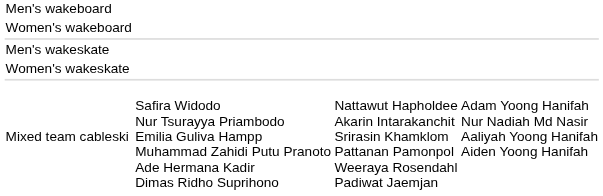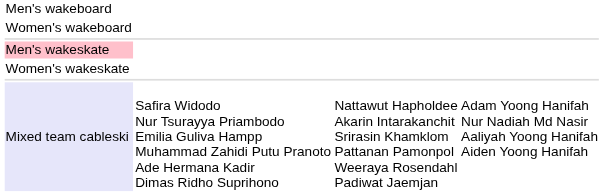 <table>
 <tr>
 <td>Men's wakeboard<br></td>
 <td></td>
 <td></td>
 <td></td>
 </tr>
 <tr>
 <td nowrap>Women's wakeboard<br></td>
 <td></td>
 <td></td>
 <td></td>
 </tr>
 <tr style="background:#dddddd;">
 <td colspan=7></td>
 </tr>
 <tr>
-<td>Men's wakeskate<br></td>
+<td style="background: pink;">Men's wakeskate<br></td>
 <td></td>
 <td nowrap></td>
 <td></td>
 </tr>
 <tr>
 <td>Women's wakeskate<br></td>
 <td></td>
 <td></td>
 <td nowrap></td>
 </tr>
 <tr style="background:#dddddd;">
 <td colspan=7></td>
 </tr>
 <tr>
-<td>Mixed team cableski<br></td>
+<td style="background: lavender;">Mixed team cableski<br></td>
 <td nowrap><br>Safira Widodo<br>Nur Tsurayya Priambodo<br>Emilia Guliva Hampp<br>Muhammad Zahidi Putu Pranoto<br>Ade Hermana Kadir<br>Dimas Ridho Suprihono</td>
 <td><br>Nattawut Hapholdee<br>Akarin Intarakanchit<br>Srirasin Khamklom<br>Pattanan Pamonpol<br>Weeraya Rosendahl<br>Padiwat Jaemjan</td>
 <td valign=top><br>Adam Yoong Hanifah<br>Nur Nadiah Md Nasir<br>Aaliyah Yoong Hanifah<br>Aiden Yoong Hanifah</td>
 </tr>
 </table>
